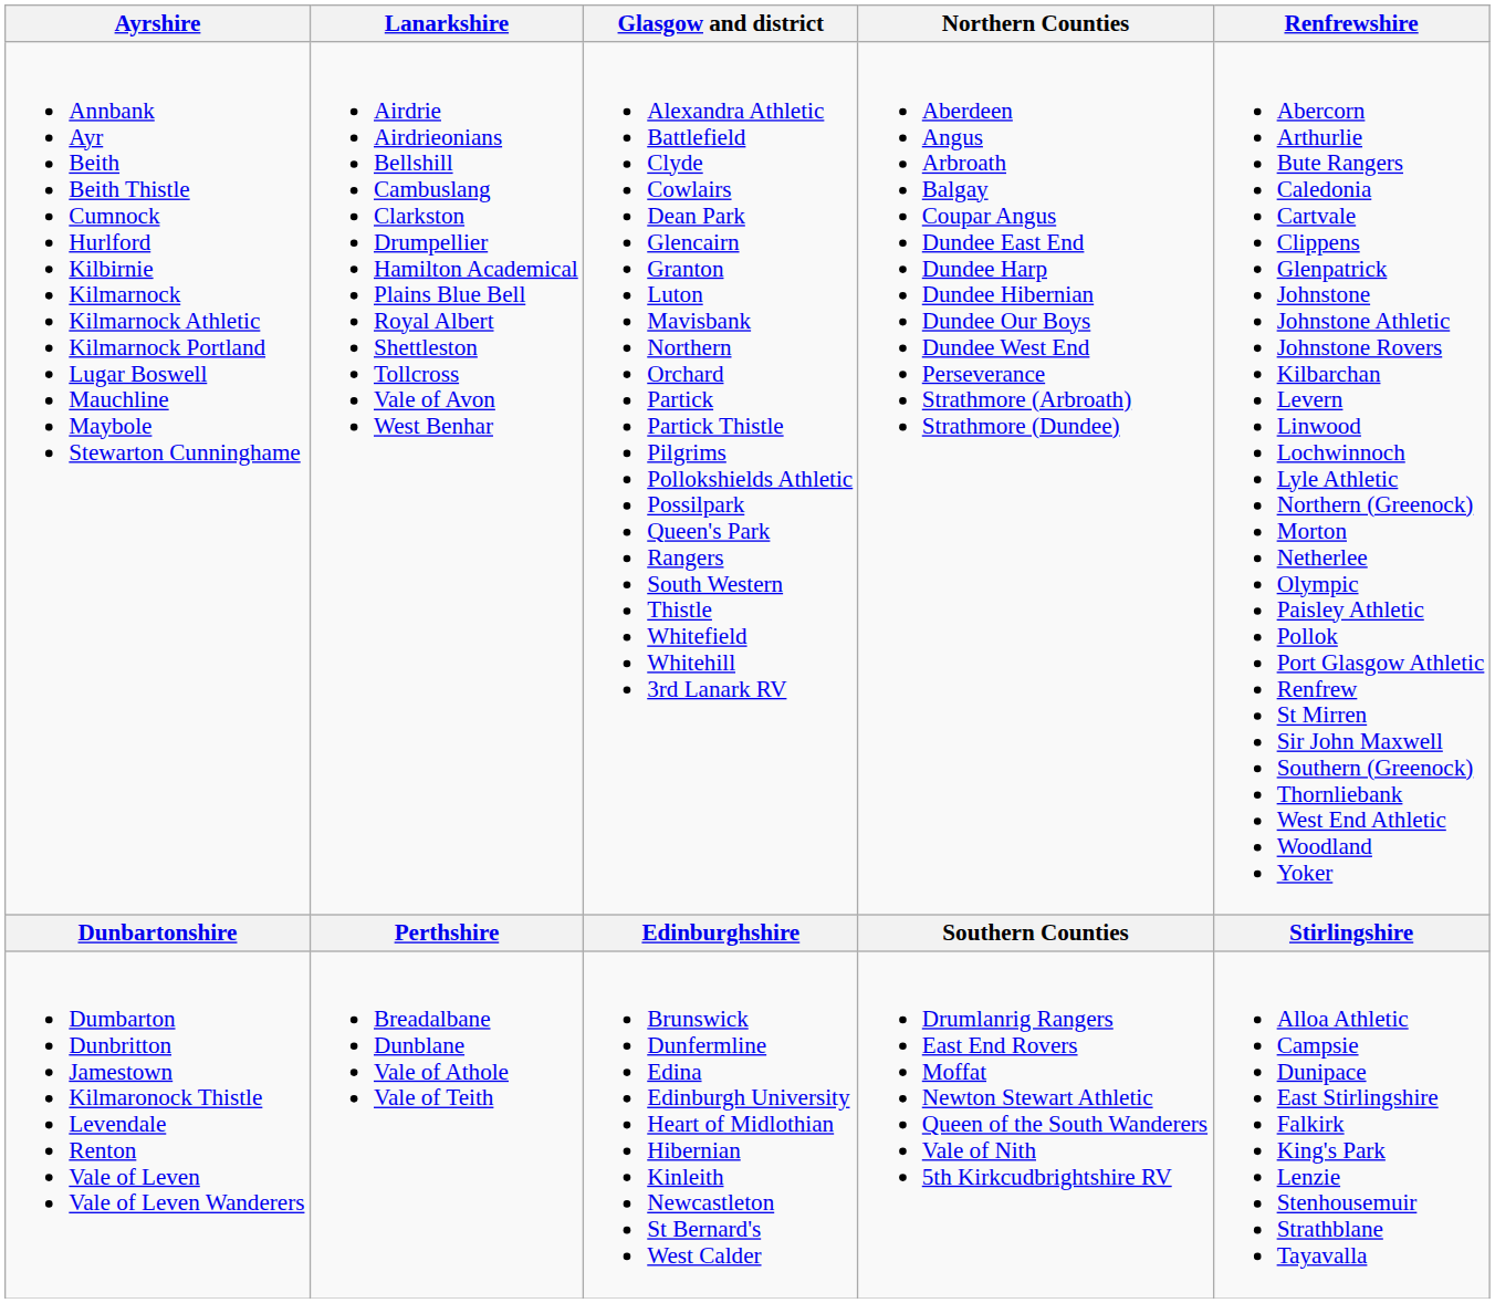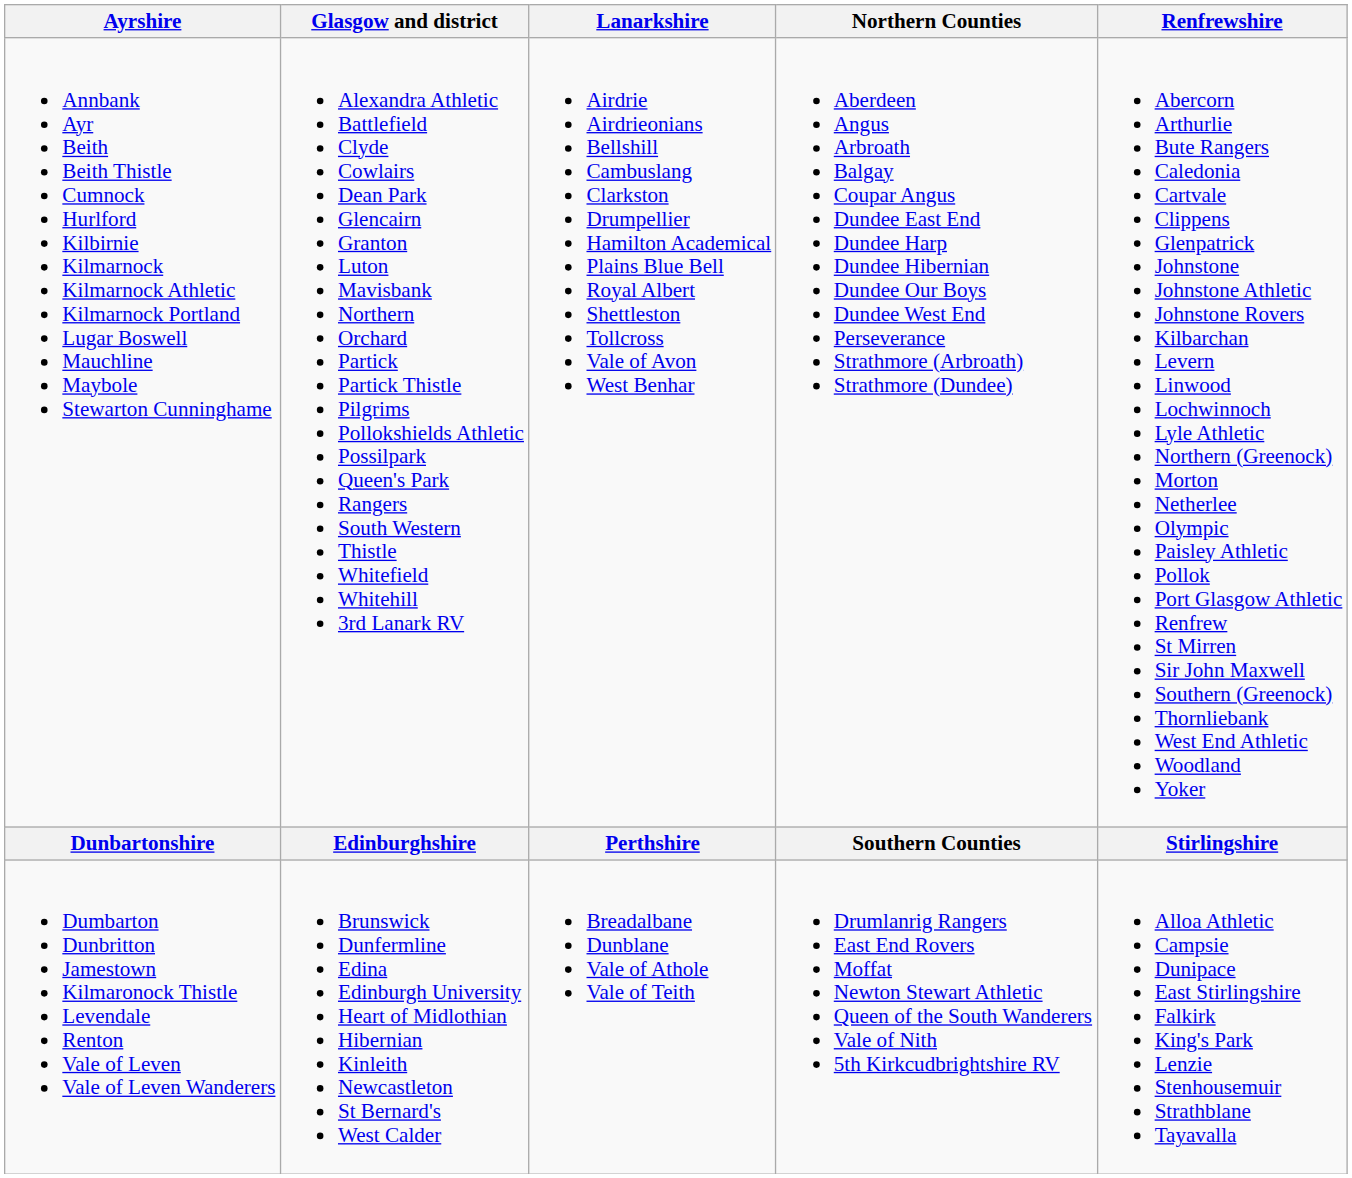 <table class="wikitable" style="text-align:left">
 <tr>
 <th><a href='#'>Ayrshire</a></th>
+<th><a href='#'>Glasgow</a> and district</th>
 <th><a href='#'>Lanarkshire</a></th>
-<th><a href='#'>Glasgow</a> and district</th>
 <th>Northern Counties</th>
 <th><a href='#'>Renfrewshire</a></th>
 </tr>
 <tr>
 <td valign=top><br><ul><li><a href='#'>Annbank</a></li><li><a href='#'>Ayr</a></li><li><a href='#'>Beith</a></li><li><a href='#'>Beith Thistle</a></li><li><a href='#'>Cumnock</a></li><li><a href='#'>Hurlford</a></li><li><a href='#'>Kilbirnie</a></li><li><a href='#'>Kilmarnock</a></li><li><a href='#'>Kilmarnock Athletic</a></li><li><a href='#'>Kilmarnock Portland</a></li><li><a href='#'>Lugar Boswell</a></li><li><a href='#'>Mauchline</a></li><li><a href='#'>Maybole</a></li><li><a href='#'>Stewarton Cunninghame</a></li></ul></td>
+<td valign=top><br><ul><li><a href='#'>Alexandra Athletic</a></li><li><a href='#'>Battlefield</a></li><li><a href='#'>Clyde</a></li><li><a href='#'>Cowlairs</a></li><li><a href='#'>Dean Park</a></li><li><a href='#'>Glencairn</a></li><li><a href='#'>Granton</a></li><li><a href='#'>Luton</a></li><li><a href='#'>Mavisbank</a></li><li><a href='#'>Northern</a></li><li><a href='#'>Orchard</a></li><li><a href='#'>Partick</a></li><li><a href='#'>Partick Thistle</a></li><li><a href='#'>Pilgrims</a></li><li><a href='#'>Pollokshields Athletic</a></li><li><a href='#'>Possilpark</a></li><li><a href='#'>Queen's Park</a></li><li><a href='#'>Rangers</a></li><li><a href='#'>South Western</a></li><li><a href='#'>Thistle</a></li><li><a href='#'>Whitefield</a></li><li><a href='#'>Whitehill</a></li><li><a href='#'>3rd Lanark RV</a></li></ul></td>
 <td valign=top><br><ul><li><a href='#'>Airdrie</a></li><li><a href='#'>Airdrieonians</a></li><li><a href='#'>Bellshill</a></li><li><a href='#'>Cambuslang</a></li><li><a href='#'>Clarkston</a></li><li><a href='#'>Drumpellier</a></li><li><a href='#'>Hamilton Academical</a></li><li><a href='#'>Plains Blue Bell</a></li><li><a href='#'>Royal Albert</a></li><li><a href='#'>Shettleston</a></li><li><a href='#'>Tollcross</a></li><li><a href='#'>Vale of Avon</a></li><li><a href='#'>West Benhar</a></li></ul></td>
-<td valign=top><br><ul><li><a href='#'>Alexandra Athletic</a></li><li><a href='#'>Battlefield</a></li><li><a href='#'>Clyde</a></li><li><a href='#'>Cowlairs</a></li><li><a href='#'>Dean Park</a></li><li><a href='#'>Glencairn</a></li><li><a href='#'>Granton</a></li><li><a href='#'>Luton</a></li><li><a href='#'>Mavisbank</a></li><li><a href='#'>Northern</a></li><li><a href='#'>Orchard</a></li><li><a href='#'>Partick</a></li><li><a href='#'>Partick Thistle</a></li><li><a href='#'>Pilgrims</a></li><li><a href='#'>Pollokshields Athletic</a></li><li><a href='#'>Possilpark</a></li><li><a href='#'>Queen's Park</a></li><li><a href='#'>Rangers</a></li><li><a href='#'>South Western</a></li><li><a href='#'>Thistle</a></li><li><a href='#'>Whitefield</a></li><li><a href='#'>Whitehill</a></li><li><a href='#'>3rd Lanark RV</a></li></ul></td>
 <td valign=top><br><ul><li><a href='#'>Aberdeen</a></li><li><a href='#'>Angus</a></li><li><a href='#'>Arbroath</a></li><li><a href='#'>Balgay</a></li><li><a href='#'>Coupar Angus</a></li><li><a href='#'>Dundee East End</a></li><li><a href='#'>Dundee Harp</a></li><li><a href='#'>Dundee Hibernian</a></li><li><a href='#'>Dundee Our Boys</a></li><li><a href='#'>Dundee West End</a></li><li><a href='#'>Perseverance</a></li><li><a href='#'>Strathmore (Arbroath)</a></li><li><a href='#'>Strathmore (Dundee)</a></li></ul></td>
 <td valign=top><br><ul><li><a href='#'>Abercorn</a></li><li><a href='#'>Arthurlie</a></li><li><a href='#'>Bute Rangers</a></li><li><a href='#'>Caledonia</a></li><li><a href='#'>Cartvale</a></li><li><a href='#'>Clippens</a></li><li><a href='#'>Glenpatrick</a></li><li><a href='#'>Johnstone</a></li><li><a href='#'>Johnstone Athletic</a></li><li><a href='#'>Johnstone Rovers</a></li><li><a href='#'>Kilbarchan</a></li><li><a href='#'>Levern</a></li><li><a href='#'>Linwood</a></li><li><a href='#'>Lochwinnoch</a></li><li><a href='#'>Lyle Athletic</a></li><li><a href='#'>Northern (Greenock)</a></li><li><a href='#'>Morton</a></li><li><a href='#'>Netherlee</a></li><li><a href='#'>Olympic</a></li><li><a href='#'>Paisley Athletic</a></li><li><a href='#'>Pollok</a></li><li><a href='#'>Port Glasgow Athletic</a></li><li><a href='#'>Renfrew</a></li><li><a href='#'>St Mirren</a></li><li><a href='#'>Sir John Maxwell</a></li><li><a href='#'>Southern (Greenock)</a></li><li><a href='#'>Thornliebank</a></li><li><a href='#'>West End Athletic</a></li><li><a href='#'>Woodland</a></li><li><a href='#'>Yoker</a></li></ul></td>
 </tr>
 <tr>
 <th><a href='#'>Dunbartonshire</a></th>
+<th><a href='#'>Edinburghshire</a></th>
 <th><a href='#'>Perthshire</a></th>
-<th><a href='#'>Edinburghshire</a></th>
 <th>Southern Counties</th>
 <th><a href='#'>Stirlingshire</a></th>
 </tr>
 <tr>
 <td valign=top><br><ul><li><a href='#'>Dumbarton</a></li><li><a href='#'>Dunbritton</a></li><li><a href='#'>Jamestown</a></li><li><a href='#'>Kilmaronock Thistle</a></li><li><a href='#'>Levendale</a></li><li><a href='#'>Renton</a></li><li><a href='#'>Vale of Leven</a></li><li><a href='#'>Vale of Leven Wanderers</a></li></ul></td>
+<td valign=top><br><ul><li><a href='#'>Brunswick</a></li><li><a href='#'>Dunfermline</a></li><li><a href='#'>Edina</a></li><li><a href='#'>Edinburgh University</a></li><li><a href='#'>Heart of Midlothian</a></li><li><a href='#'>Hibernian</a></li><li><a href='#'>Kinleith</a></li><li><a href='#'>Newcastleton</a></li><li><a href='#'>St Bernard's</a></li><li><a href='#'>West Calder</a></li></ul></td>
 <td valign=top><br><ul><li><a href='#'>Breadalbane</a></li><li><a href='#'>Dunblane</a></li><li><a href='#'>Vale of Athole</a></li><li><a href='#'>Vale of Teith</a></li></ul></td>
-<td valign=top><br><ul><li><a href='#'>Brunswick</a></li><li><a href='#'>Dunfermline</a></li><li><a href='#'>Edina</a></li><li><a href='#'>Edinburgh University</a></li><li><a href='#'>Heart of Midlothian</a></li><li><a href='#'>Hibernian</a></li><li><a href='#'>Kinleith</a></li><li><a href='#'>Newcastleton</a></li><li><a href='#'>St Bernard's</a></li><li><a href='#'>West Calder</a></li></ul></td>
 <td valign=top><br><ul><li><a href='#'>Drumlanrig Rangers</a></li><li><a href='#'>East End Rovers</a></li><li><a href='#'>Moffat</a></li><li><a href='#'>Newton Stewart Athletic</a></li><li><a href='#'>Queen of the South Wanderers</a></li><li><a href='#'>Vale of Nith</a></li><li><a href='#'>5th Kirkcudbrightshire RV</a></li></ul></td>
 <td valign=top><br><ul><li><a href='#'>Alloa Athletic</a></li><li><a href='#'>Campsie</a></li><li><a href='#'>Dunipace</a></li><li><a href='#'>East Stirlingshire</a></li><li><a href='#'>Falkirk</a></li><li><a href='#'>King's Park</a></li><li><a href='#'>Lenzie</a></li><li><a href='#'>Stenhousemuir</a></li><li><a href='#'>Strathblane</a></li><li><a href='#'>Tayavalla</a></li></ul></td>
 </tr>
 </table>
